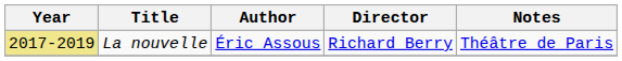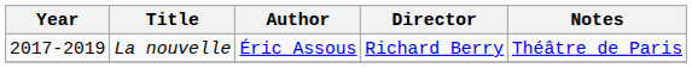 <table class="wikitable">
 <tr>
 <th>Year</th>
 <th>Title</th>
 <th>Author</th>
 <th>Director</th>
 <th>Notes</th>
 </tr>
 <tr>
-<td style="background: khaki;">2017-2019</td>
+<td>2017-2019</td>
 <td><em>La nouvelle</em></td>
 <td><a href='#'>Éric Assous</a></td>
 <td><a href='#'>Richard Berry</a></td>
 <td><a href='#'>Théâtre de Paris</a></td>
 </tr>
 <tr>
 </tr>
 </table>
